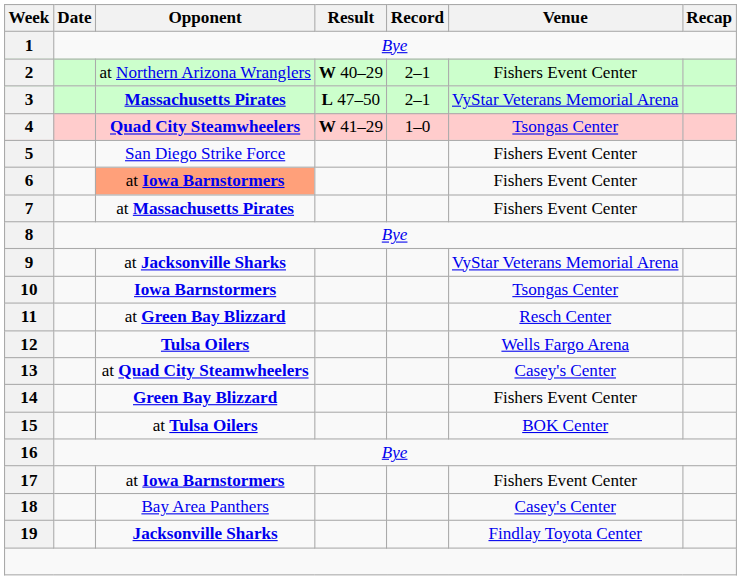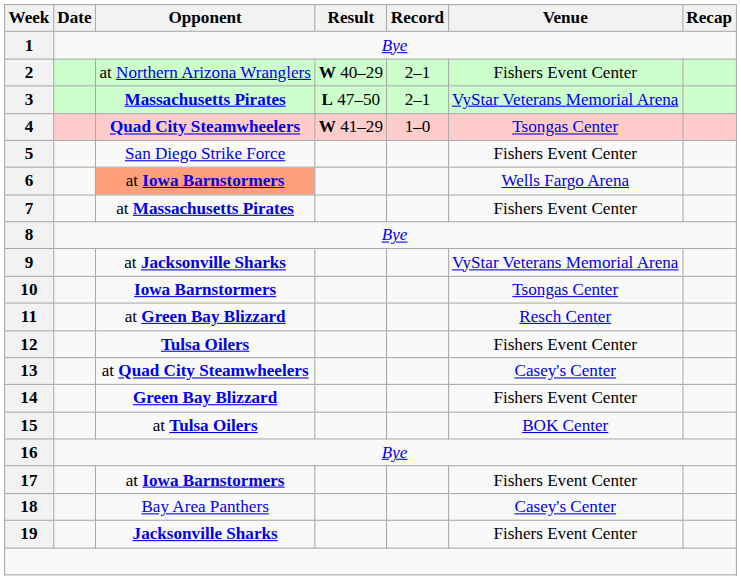 <table class="wikitable" style="text-align:center">
 <tr>
 <th>Week</th>
 <th>Date</th>
 <th>Opponent</th>
 <th>Result</th>
 <th>Record</th>
 <th>Venue</th>
 <th>Recap</th>
 </tr>
 <tr>
 <th>1</th>
 <td colspan="6"><em><a href='#'>Bye</a></em></td>
 </tr>
 <tr style="background:#cfc;">
 <th>2</th>
 <td></td>
 <td>at <a href='#'>Northern Arizona Wranglers</a></td>
 <td><strong>W</strong> 40–29</td>
 <td>2–1</td>
 <td>Fishers Event Center</td>
 <td></td>
 </tr>
 <tr style="background:#cfc;">
 <th>3</th>
 <td></td>
 <td><strong><a href='#'>Massachusetts Pirates</a></strong></td>
 <td><strong>L</strong> 47–50</td>
 <td>2–1</td>
 <td><a href='#'>VyStar Veterans Memorial Arena</a></td>
 <td></td>
 </tr>
 <tr style="background:#fcc;">
 <th>4</th>
 <td></td>
 <td><strong><a href='#'>Quad City Steamwheelers</a></strong></td>
 <td><strong>W</strong> 41–29</td>
 <td>1–0</td>
 <td><a href='#'>Tsongas Center</a></td>
 <td></td>
 </tr>
 <tr>
 <th>5</th>
 <td></td>
 <td><a href='#'>San Diego Strike Force</a></td>
 <td></td>
 <td></td>
 <td>Fishers Event Center</td>
 <td></td>
 </tr>
 <tr>
 <th>6</th>
 <td></td>
 <td style="background: lightsalmon;">at <strong><a href='#'>Iowa Barnstormers</a></strong></td>
 <td></td>
 <td></td>
-<td>Fishers Event Center</td>
+<td><a href='#'>Wells Fargo Arena</a></td>
 <td></td>
 </tr>
 <tr>
 <th>7</th>
 <td></td>
 <td>at <strong><a href='#'>Massachusetts Pirates</a></strong></td>
 <td></td>
 <td></td>
 <td>Fishers Event Center</td>
 <td></td>
 </tr>
 <tr>
 <th>8</th>
 <td colspan="6"><em><a href='#'>Bye</a></em></td>
 </tr>
 <tr>
 <th>9</th>
 <td></td>
 <td>at <strong><a href='#'>Jacksonville Sharks</a></strong></td>
 <td></td>
 <td></td>
 <td><a href='#'>VyStar Veterans Memorial Arena</a></td>
 <td></td>
 </tr>
 <tr>
 <th>10</th>
 <td></td>
 <td><strong><a href='#'>Iowa Barnstormers</a></strong></td>
 <td></td>
 <td></td>
 <td><a href='#'>Tsongas Center</a></td>
 <td></td>
 </tr>
 <tr>
 <th>11</th>
 <td></td>
 <td>at <strong><a href='#'>Green Bay Blizzard</a></strong></td>
 <td></td>
 <td></td>
 <td><a href='#'>Resch Center</a></td>
 <td></td>
 </tr>
 <tr>
 <th>12</th>
 <td></td>
 <td><strong><a href='#'>Tulsa Oilers</a></strong></td>
 <td></td>
 <td></td>
-<td><a href='#'>Wells Fargo Arena</a></td>
+<td>Fishers Event Center</td>
 <td></td>
 </tr>
 <tr>
 <th>13</th>
 <td></td>
 <td>at <strong><a href='#'>Quad City Steamwheelers</a></strong></td>
 <td></td>
 <td></td>
 <td><a href='#'>Casey's Center</a></td>
 <td></td>
 </tr>
 <tr>
 <th>14</th>
 <td></td>
 <td><strong><a href='#'>Green Bay Blizzard</a></strong></td>
 <td></td>
 <td></td>
 <td>Fishers Event Center</td>
 <td></td>
 </tr>
 <tr>
 <th>15</th>
 <td></td>
 <td>at <strong><a href='#'>Tulsa Oilers</a></strong></td>
 <td></td>
 <td></td>
 <td><a href='#'>BOK Center</a></td>
 <td></td>
 </tr>
 <tr>
 <th>16</th>
 <td colspan="6"><em><a href='#'>Bye</a></em></td>
 </tr>
 <tr>
 <th>17</th>
 <td></td>
 <td>at <strong><a href='#'>Iowa Barnstormers</a></strong></td>
 <td></td>
 <td></td>
 <td>Fishers Event Center</td>
 <td></td>
 </tr>
 <tr>
 <th>18</th>
 <td></td>
 <td><a href='#'>Bay Area Panthers</a></td>
 <td></td>
 <td></td>
 <td><a href='#'>Casey's Center</a></td>
 <td></td>
 </tr>
 <tr>
 <th>19</th>
 <td></td>
 <td><strong><a href='#'>Jacksonville Sharks</a></strong></td>
 <td></td>
 <td></td>
-<td><a href='#'>Findlay Toyota Center</a></td>
+<td>Fishers Event Center</td>
 <td></td>
 </tr>
 <tr>
 <td colspan="7"><br></td>
 </tr>
 </table>
